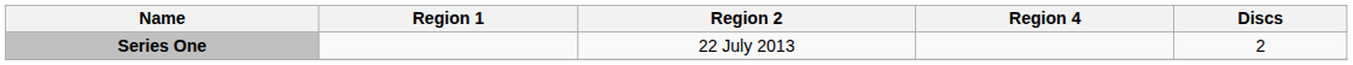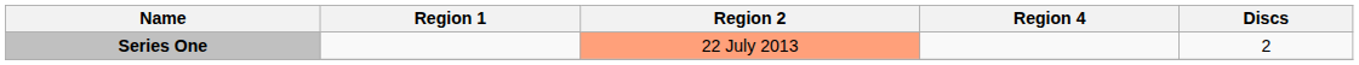 <table class="wikitable" style="width:100%;">
 <tr>
 <th>Name</th>
 <th>Region 1</th>
 <th>Region 2</th>
 <th>Region 4</th>
 <th>Discs</th>
 </tr>
 <tr style="text-align:center;">
 <td style="background:#C0C0C0; height:10px;"><strong>Series One</strong></td>
 <td></td>
-<td>22 July 2013</td>
+<td style="background: lightsalmon;">22 July 2013</td>
 <td></td>
 <td>2</td>
 </tr>
 <tr>
 </tr>
 </table>
